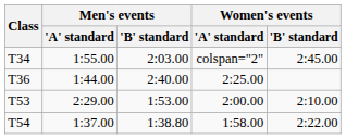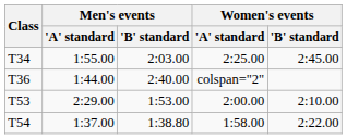 <table class="wikitable" style="text-align:right">
 <tr>
 <th rowspan="2">Class</th>
 <th colspan="2">Men's events</th>
 <th colspan="2">Women's events</th>
 </tr>
 <tr style="font-size:95%">
 <th>'A' standard</th>
 <th>'B' standard</th>
 <th>'A' standard</th>
 <th>'B' standard</th>
 </tr>
 <tr>
 <td style="text-align:left">T34</td>
 <td>1:55.00</td>
 <td>2:03.00</td>
-<td>colspan="2" </td>
+<td>2:25.00</td>
 <td>2:45.00</td>
 </tr>
 <tr>
 <td style="text-align:left">T36</td>
 <td>1:44.00</td>
 <td>2:40.00</td>
-<td>2:25.00</td>
+<td>colspan="2" </td>
 </tr>
 <tr>
 <td style="text-align:left">T53</td>
 <td>2:29.00</td>
 <td>1:53.00</td>
 <td>2:00.00</td>
 <td>2:10.00</td>
 </tr>
 <tr>
 <td style="text-align:left">T54</td>
 <td>1:37.00</td>
 <td>1:38.80</td>
 <td>1:58.00</td>
 <td>2:22.00</td>
 </tr>
 </table>
